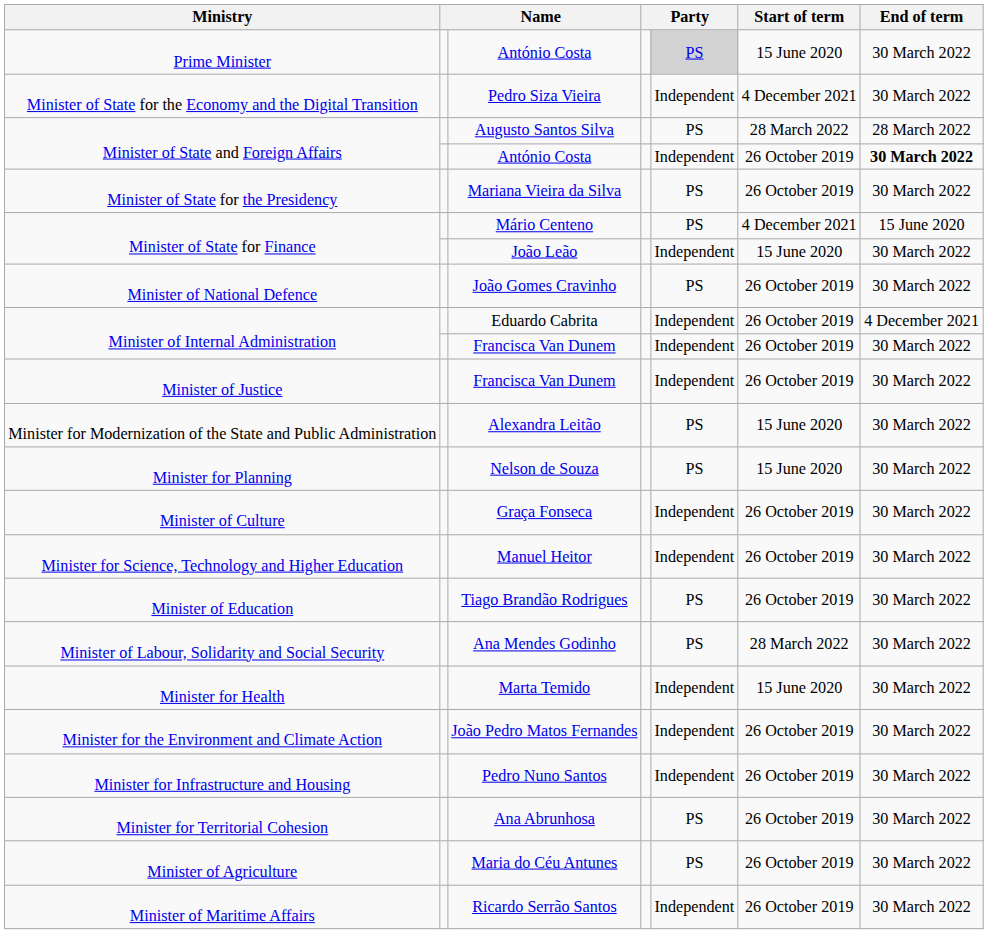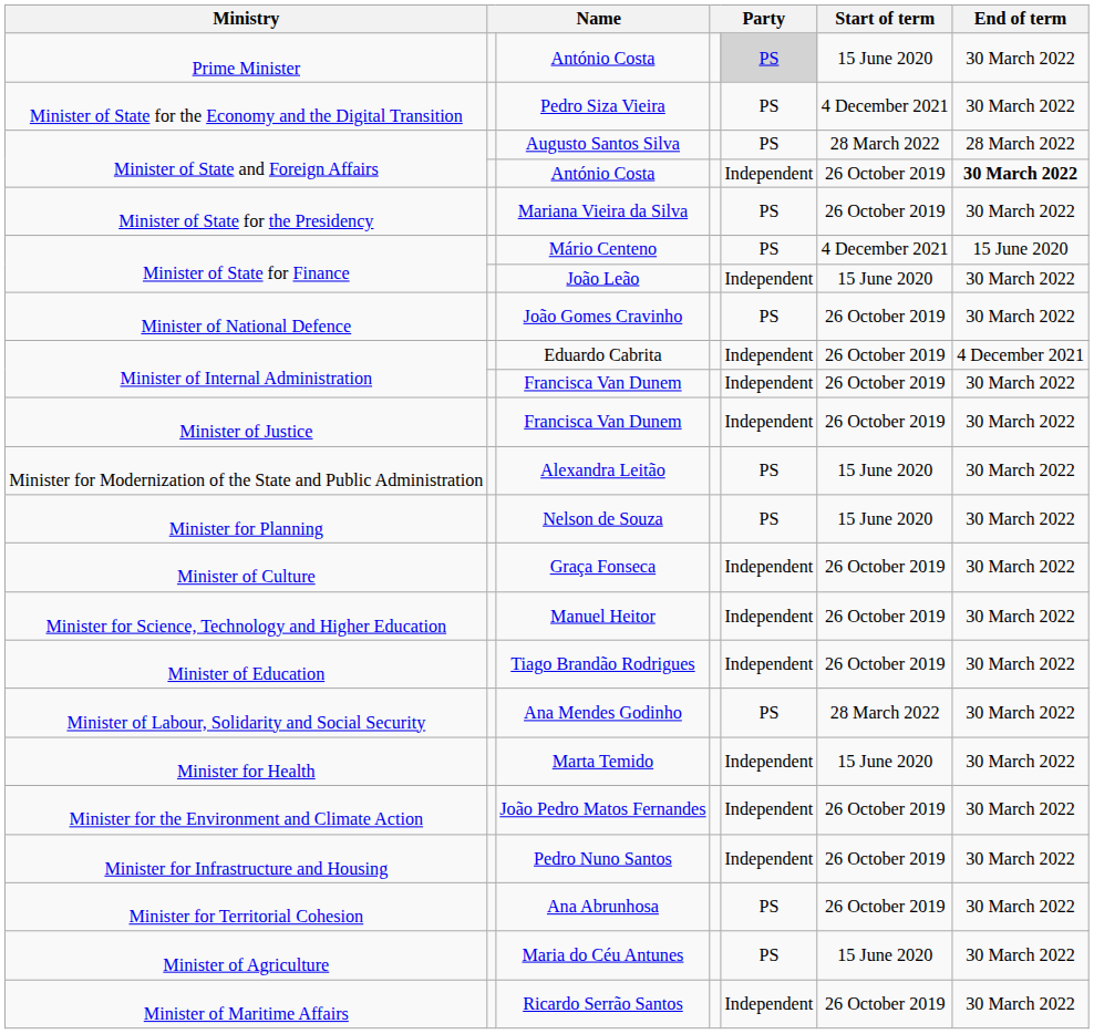 <table class="wikitable" style="text-align:center">
 <tr>
 <th>Ministry</th>
 <th colspan="2">Name</th>
 <th colspan=2>Party</th>
 <th>Start of term</th>
 <th>End of term</th>
 </tr>
 <tr>
 <td><br><a href='#'>Prime Minister</a></td>
 <td></td>
 <td><a href='#'>António Costa</a></td>
 <td width=2px style="color:inherit;background:"></td>
 <td style="background: lightgrey;"><a href='#'>PS</a></td>
 <td>15 June 2020</td>
 <td>30 March 2022</td>
 </tr>
 <tr>
 <td><br><a href='#'>Minister of State</a> for the <a href='#'>Economy and the Digital Transition</a></td>
 <td></td>
 <td><a href='#'>Pedro Siza Vieira</a></td>
 <td width=2px style="color:inherit;background:"></td>
-<td>Independent</td>
+<td>PS</td>
 <td>4 December 2021</td>
 <td>30 March 2022</td>
 </tr>
 <tr>
 <td rowspan="2"><br><a href='#'>Minister of State</a> and <a href='#'>Foreign Affairs</a></td>
 <td></td>
 <td><a href='#'>Augusto Santos Silva</a></td>
 <td width=2px style="color:inherit;background:"></td>
 <td>PS</td>
 <td>28 March 2022</td>
 <td>28 March 2022</td>
 </tr>
 <tr>
 <td></td>
 <td><a href='#'>António Costa</a></td>
 <td width=2px style="color:inherit;background:"></td>
 <td>Independent</td>
 <td>26 October 2019</td>
 <td><strong>30 March 2022</strong></td>
 </tr>
 <tr>
 <td><br><a href='#'>Minister of State</a> for <a href='#'>the Presidency</a></td>
 <td></td>
 <td><a href='#'>Mariana Vieira da Silva</a></td>
 <td width=2px style="color:inherit;background:"></td>
 <td>PS</td>
 <td>26 October 2019</td>
 <td>30 March 2022</td>
 </tr>
 <tr>
 <td rowspan="2"><br><a href='#'>Minister of State</a> for <a href='#'>Finance</a></td>
 <td></td>
 <td><a href='#'>Mário Centeno</a></td>
 <td width="2px" style="background:"></td>
 <td>PS</td>
 <td>4 December 2021</td>
 <td>15 June 2020</td>
 </tr>
 <tr>
 <td></td>
 <td><a href='#'>João Leão</a></td>
 <td width="2px" style="background:"></td>
 <td>Independent</td>
 <td>15 June 2020</td>
 <td>30 March 2022</td>
 </tr>
 <tr>
 <td><br><a href='#'>Minister of National Defence</a></td>
 <td></td>
 <td><a href='#'>João Gomes Cravinho</a></td>
 <td width="2px" style="background:"></td>
 <td>PS</td>
 <td>26 October 2019</td>
 <td>30 March 2022</td>
 </tr>
 <tr>
 <td rowspan="2"><br><a href='#'>Minister of Internal Administration</a></td>
 <td></td>
 <td>Eduardo Cabrita</td>
 <td width="2px" style="background:"></td>
 <td>Independent</td>
 <td>26 October 2019</td>
 <td>4 December 2021</td>
 </tr>
 <tr>
 <td></td>
 <td><a href='#'>Francisca Van Dunem</a></td>
 <td width="2px" style="background:"></td>
 <td>Independent</td>
 <td>26 October 2019</td>
 <td>30 March 2022</td>
 </tr>
 <tr>
 <td><br><a href='#'>Minister of Justice</a></td>
 <td></td>
 <td><a href='#'>Francisca Van Dunem</a></td>
 <td width="2px" style="background:"></td>
 <td>Independent</td>
 <td>26 October 2019</td>
 <td>30 March 2022</td>
 </tr>
 <tr>
 <td><br>Minister for Modernization of the State and Public Administration</td>
 <td></td>
 <td><a href='#'>Alexandra Leitão</a></td>
 <td width="2px" style="background:"></td>
 <td>PS</td>
 <td>15 June 2020</td>
 <td>30 March 2022</td>
 </tr>
 <tr>
 <td><br><a href='#'>Minister for Planning</a></td>
 <td></td>
 <td><a href='#'>Nelson de Souza</a></td>
 <td width="2px" style="background:"></td>
 <td>PS</td>
 <td>15 June 2020</td>
 <td>30 March 2022</td>
 </tr>
 <tr>
 <td><br><a href='#'>Minister of Culture</a></td>
 <td></td>
 <td><a href='#'>Graça Fonseca</a></td>
 <td width="2px" style="background:"></td>
 <td>Independent</td>
 <td>26 October 2019</td>
 <td>30 March 2022</td>
 </tr>
 <tr>
 <td><br><a href='#'>Minister for Science, Technology and Higher Education</a></td>
 <td></td>
 <td><a href='#'>Manuel Heitor</a></td>
 <td width="2px" style="background:"></td>
 <td>Independent</td>
 <td>26 October 2019</td>
 <td>30 March 2022</td>
 </tr>
 <tr>
 <td><br><a href='#'>Minister of Education</a></td>
 <td></td>
 <td><a href='#'>Tiago Brandão Rodrigues</a></td>
 <td width="2px" style="background:"></td>
-<td>PS</td>
+<td>Independent</td>
 <td>26 October 2019</td>
 <td>30 March 2022</td>
 </tr>
 <tr>
 <td><br><a href='#'>Minister of Labour, Solidarity and Social Security</a></td>
 <td></td>
 <td><a href='#'>Ana Mendes Godinho</a></td>
 <td width="2px" style="background:"></td>
 <td>PS</td>
 <td>28 March 2022</td>
 <td>30 March 2022</td>
 </tr>
 <tr>
 <td><br><a href='#'>Minister for Health</a></td>
 <td></td>
 <td><a href='#'>Marta Temido</a></td>
 <td width="2px" style="background:"></td>
 <td>Independent</td>
 <td>15 June 2020</td>
 <td>30 March 2022</td>
 </tr>
 <tr>
 <td><br><a href='#'>Minister for the Environment and Climate Action</a></td>
 <td></td>
 <td><a href='#'>João Pedro Matos Fernandes</a></td>
 <td width="2px" style="background:"></td>
 <td>Independent</td>
 <td>26 October 2019</td>
 <td>30 March 2022</td>
 </tr>
 <tr>
 <td><br><a href='#'>Minister for Infrastructure and Housing</a></td>
 <td></td>
 <td><a href='#'>Pedro Nuno Santos</a></td>
 <td width="2px" style="background:"></td>
 <td>Independent</td>
 <td>26 October 2019</td>
 <td>30 March 2022</td>
 </tr>
 <tr>
 <td><br><a href='#'>Minister for Territorial Cohesion</a></td>
 <td></td>
 <td><a href='#'>Ana Abrunhosa</a></td>
 <td width="2px" style="background:"></td>
 <td>PS</td>
 <td>26 October 2019</td>
 <td>30 March 2022</td>
 </tr>
 <tr>
 <td><br><a href='#'>Minister of Agriculture</a></td>
 <td></td>
 <td><a href='#'>Maria do Céu Antunes</a></td>
 <td width="2px" style="background:"></td>
 <td>PS</td>
-<td>26 October 2019</td>
+<td>15 June 2020</td>
 <td>30 March 2022</td>
 </tr>
 <tr>
 <td><br><a href='#'>Minister of Maritime Affairs</a></td>
 <td></td>
 <td><a href='#'>Ricardo Serrão Santos</a></td>
 <td width="2px" style="background:"></td>
 <td>Independent</td>
 <td>26 October 2019</td>
 <td>30 March 2022</td>
 </tr>
 </table>
